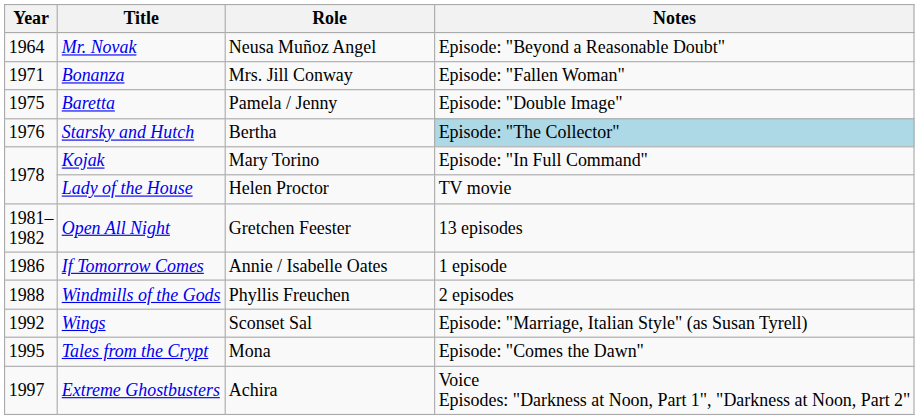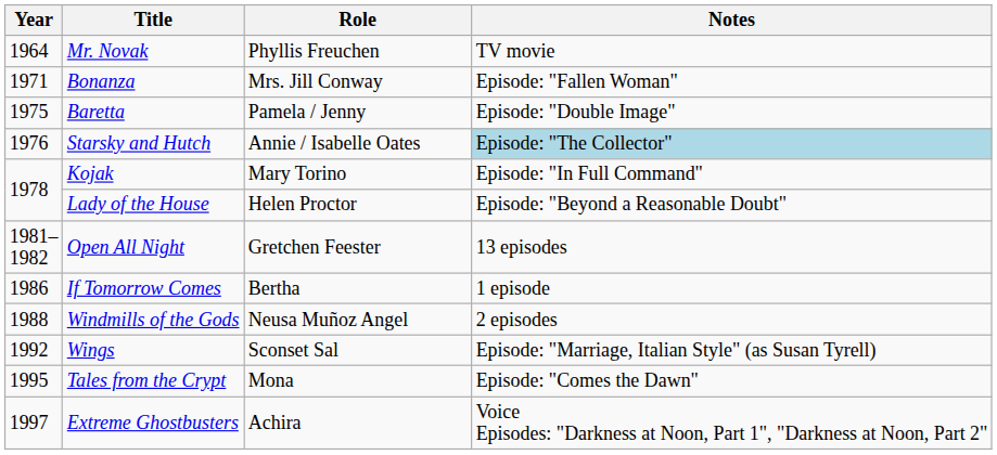 <table class="wikitable sortable">
 <tr>
 <th style="width:20px;">Year</th>
 <th>Title</th>
 <th style="width:180px;">Role</th>
 <th class="unsortable">Notes</th>
 </tr>
 <tr>
 <td>1964</td>
 <td><em><a href='#'>Mr. Novak</a></em></td>
-<td>Neusa Muñoz Angel</td>
-<td>Episode: "Beyond a Reasonable Doubt"</td>
+<td>Phyllis Freuchen</td>
+<td>TV movie</td>
 </tr>
 <tr>
 <td>1971</td>
 <td><em><a href='#'>Bonanza</a></em></td>
 <td>Mrs. Jill Conway</td>
 <td>Episode: "Fallen Woman"</td>
 </tr>
 <tr>
 <td>1975</td>
 <td><em><a href='#'>Baretta</a></em></td>
 <td>Pamela / Jenny</td>
 <td>Episode: "Double Image"</td>
 </tr>
 <tr>
 <td>1976</td>
 <td><em><a href='#'>Starsky and Hutch</a></em></td>
-<td>Bertha</td>
+<td>Annie / Isabelle Oates</td>
 <td style="background: lightblue;">Episode: "The Collector"</td>
 </tr>
 <tr>
 <td rowspan=2>1978</td>
 <td><em><a href='#'>Kojak</a></em></td>
 <td>Mary Torino</td>
 <td>Episode: "In Full Command"</td>
 </tr>
 <tr>
 <td><em><a href='#'>Lady of the House</a></em></td>
 <td>Helen Proctor</td>
-<td>TV movie</td>
+<td>Episode: "Beyond a Reasonable Doubt"</td>
 </tr>
 <tr>
 <td>1981–1982</td>
 <td><em><a href='#'>Open All Night</a></em></td>
 <td>Gretchen Feester</td>
 <td>13 episodes</td>
 </tr>
 <tr>
 <td>1986</td>
 <td><em><a href='#'>If Tomorrow Comes</a></em></td>
-<td>Annie / Isabelle Oates</td>
+<td>Bertha</td>
 <td>1 episode</td>
 </tr>
 <tr>
 <td>1988</td>
 <td><em><a href='#'>Windmills of the Gods</a></em></td>
-<td>Phyllis Freuchen</td>
+<td>Neusa Muñoz Angel</td>
 <td>2 episodes</td>
 </tr>
 <tr>
 <td>1992</td>
 <td><em><a href='#'>Wings</a></em></td>
 <td>Sconset Sal</td>
 <td>Episode: "Marriage, Italian Style" (as Susan Tyrell)</td>
 </tr>
 <tr>
 <td>1995</td>
 <td><em><a href='#'>Tales from the Crypt</a></em></td>
 <td>Mona</td>
 <td>Episode: "Comes the Dawn"</td>
 </tr>
 <tr>
 <td>1997</td>
 <td><em><a href='#'>Extreme Ghostbusters</a></em></td>
 <td>Achira</td>
 <td>Voice<br>Episodes: "Darkness at Noon, Part 1", "Darkness at Noon, Part 2"</td>
 </tr>
 </table>
